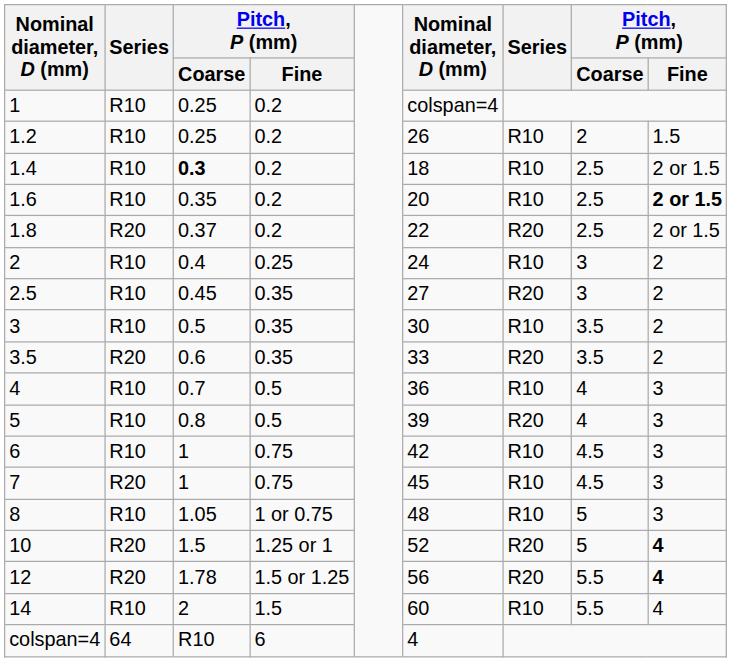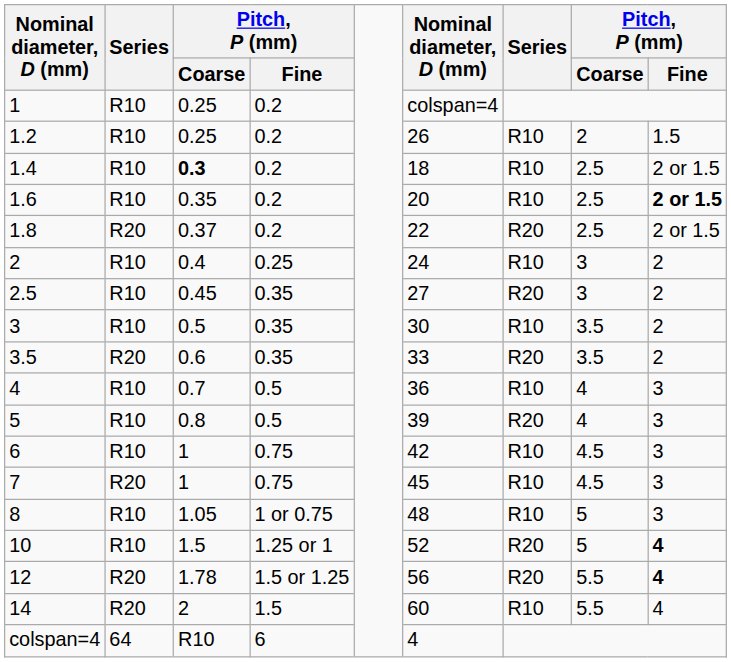 <table class="wikitable">
 <tr>
 <th rowspan=2>Nominal <br>diameter, <br><em>D</em> (mm)</th>
 <th rowspan=2>Series</th>
 <th colspan=2><a href='#'>Pitch</a>, <br><em>P</em> (mm)</th>
 <td rowspan="21" scope="col" style="width:2em; border-top:0px; border-bottom:0px;"></td>
 <th rowspan=2>Nominal <br>diameter, <br><em>D</em> (mm)</th>
 <th rowspan=2>Series</th>
 <th colspan=2><a href='#'>Pitch</a>, <br><em>P</em> (mm)</th>
 </tr>
 <tr>
 <th>Coarse</th>
 <th>Fine</th>
 <th>Coarse</th>
 <th>Fine</th>
 </tr>
 <tr>
 <td>1</td>
 <td>R10</td>
 <td>0.25</td>
 <td>0.2</td>
 <td>colspan=4 </td>
 </tr>
 <tr>
 <td>1.2</td>
 <td>R10</td>
 <td>0.25</td>
 <td>0.2</td>
 <td>26</td>
 <td>R10</td>
 <td>2</td>
 <td>1.5</td>
 </tr>
 <tr>
 <td>1.4</td>
 <td>R10</td>
 <td><strong>0.3</strong></td>
 <td>0.2</td>
 <td>18</td>
 <td>R10</td>
 <td>2.5</td>
 <td>2 or 1.5</td>
 </tr>
 <tr>
 <td>1.6</td>
 <td>R10</td>
 <td>0.35</td>
 <td>0.2</td>
 <td>20</td>
 <td>R10</td>
 <td>2.5</td>
 <td><strong>2 or 1.5</strong></td>
 </tr>
 <tr>
 <td>1.8</td>
 <td>R20</td>
 <td>0.37</td>
 <td>0.2</td>
 <td>22</td>
 <td>R20</td>
 <td>2.5</td>
 <td>2 or 1.5</td>
 </tr>
 <tr>
 <td>2</td>
 <td>R10</td>
 <td>0.4</td>
 <td>0.25</td>
 <td>24</td>
 <td>R10</td>
 <td>3</td>
 <td>2</td>
 </tr>
 <tr>
 <td>2.5</td>
 <td>R10</td>
 <td>0.45</td>
 <td>0.35</td>
 <td>27</td>
 <td>R20</td>
 <td>3</td>
 <td>2</td>
 </tr>
 <tr>
 <td>3</td>
 <td>R10</td>
 <td>0.5</td>
 <td>0.35</td>
 <td>30</td>
 <td>R10</td>
 <td>3.5</td>
 <td>2</td>
 </tr>
 <tr>
 <td>3.5</td>
 <td>R20</td>
 <td>0.6</td>
 <td>0.35</td>
 <td>33</td>
 <td>R20</td>
 <td>3.5</td>
 <td>2</td>
 </tr>
 <tr>
 <td>4</td>
 <td>R10</td>
 <td>0.7</td>
 <td>0.5</td>
 <td>36</td>
 <td>R10</td>
 <td>4</td>
 <td>3</td>
 </tr>
 <tr>
 <td>5</td>
 <td>R10</td>
 <td>0.8</td>
 <td>0.5</td>
 <td>39</td>
 <td>R20</td>
 <td>4</td>
 <td>3</td>
 </tr>
 <tr>
 <td>6</td>
 <td>R10</td>
 <td>1</td>
 <td>0.75</td>
 <td>42</td>
 <td>R10</td>
 <td>4.5</td>
 <td>3</td>
 </tr>
 <tr>
 <td>7</td>
 <td>R20</td>
 <td>1</td>
 <td>0.75</td>
 <td>45</td>
 <td>R10</td>
 <td>4.5</td>
 <td>3</td>
 </tr>
 <tr>
 <td>8</td>
 <td>R10</td>
 <td>1.05</td>
 <td>1 or 0.75</td>
 <td>48</td>
 <td>R10</td>
 <td>5</td>
 <td>3</td>
 </tr>
 <tr>
 <td>10</td>
-<td>R20</td>
+<td>R10</td>
 <td>1.5</td>
 <td>1.25 or 1</td>
 <td>52</td>
 <td>R20</td>
 <td>5</td>
 <td><strong>4</strong></td>
 </tr>
 <tr>
 <td>12</td>
 <td>R20</td>
 <td>1.78</td>
 <td>1.5 or 1.25</td>
 <td>56</td>
 <td>R20</td>
 <td>5.5</td>
 <td><strong>4</strong></td>
 </tr>
 <tr>
 <td>14</td>
-<td>R10</td>
+<td>R20</td>
 <td>2</td>
 <td>1.5</td>
 <td>60</td>
 <td>R10</td>
 <td>5.5</td>
 <td>4</td>
 </tr>
 <tr>
 <td>colspan=4 </td>
 <td style="border-bottom:1px;">64</td>
 <td>R10</td>
 <td>6</td>
 <td>4</td>
 </tr>
 </table>
